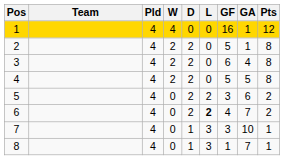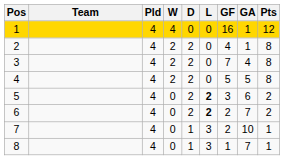 <table class="wikitable" style="text-align: center;">
 <tr>
 <th width="20">Pos</th>
 <th width="165">Team</th>
 <th width="20">Pld</th>
 <th width="20">W</th>
 <th width="20">D</th>
 <th width="20">L</th>
 <th width="20">GF</th>
 <th width="20">GA</th>
 <th width="20">Pts</th>
 </tr>
 <tr style="background-color:GOLD;">
 <td>1</td>
 <td style="text-align:left;"></td>
 <td>4</td>
 <td>4</td>
 <td>0</td>
 <td>0</td>
 <td>16</td>
 <td>1</td>
 <td>12</td>
 </tr>
 <tr>
 <td>2</td>
 <td style="text-align:left;"></td>
 <td>4</td>
 <td>2</td>
 <td>2</td>
 <td>0</td>
-<td>5</td>
+<td>4</td>
 <td>1</td>
 <td>8</td>
 </tr>
 <tr>
 <td>3</td>
 <td style="text-align:left;"></td>
 <td>4</td>
 <td>2</td>
 <td>2</td>
 <td>0</td>
-<td>6</td>
+<td>7</td>
 <td>4</td>
 <td>8</td>
 </tr>
 <tr>
 <td>4</td>
 <td style="text-align:left;"></td>
 <td>4</td>
 <td>2</td>
 <td>2</td>
 <td>0</td>
 <td>5</td>
 <td>5</td>
 <td>8</td>
 </tr>
 <tr>
 <td>5</td>
 <td style="text-align:left;"></td>
 <td>4</td>
 <td>0</td>
 <td>2</td>
-<td>2</td>
+<td><strong>2</strong></td>
 <td>3</td>
 <td>6</td>
 <td>2</td>
 </tr>
 <tr>
 <td>6</td>
 <td style="text-align:left;"></td>
 <td>4</td>
 <td>0</td>
 <td>2</td>
 <td><strong>2</strong></td>
-<td>4</td>
+<td>2</td>
 <td>7</td>
 <td>2</td>
 </tr>
 <tr>
 <td>7</td>
 <td style="text-align:left;"></td>
 <td>4</td>
 <td>0</td>
 <td>1</td>
 <td>3</td>
-<td>3</td>
+<td>2</td>
 <td>10</td>
 <td>1</td>
 </tr>
 <tr>
 <td>8</td>
 <td style="text-align:left;"></td>
 <td>4</td>
 <td>0</td>
 <td>1</td>
 <td>3</td>
 <td>1</td>
 <td>7</td>
 <td>1</td>
 </tr>
 </table>
